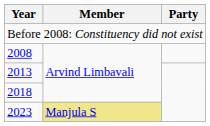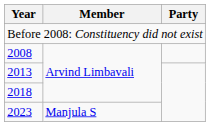 <table class="wikitable sortable">
 <tr>
 <th>Year</th>
 <th>Member</th>
 <th colspan="2">Party</th>
 </tr>
 <tr>
 <td colspan=4>Before 2008: <em>Constituency did not exist</em></td>
 </tr>
 <tr>
 <td><a href='#'>2008</a></td>
 <td rowspan="3"><a href='#'>Arvind Limbavali</a></td>
 <td></td>
 </tr>
 <tr>
 <td><a href='#'>2013</a></td>
 </tr>
 <tr>
 <td><a href='#'>2018</a></td>
 </tr>
 <tr>
 <td><a href='#'>2023</a></td>
-<td style="background: khaki;"><a href='#'>Manjula S</a></td>
+<td><a href='#'>Manjula S</a></td>
 </tr>
 </table>
